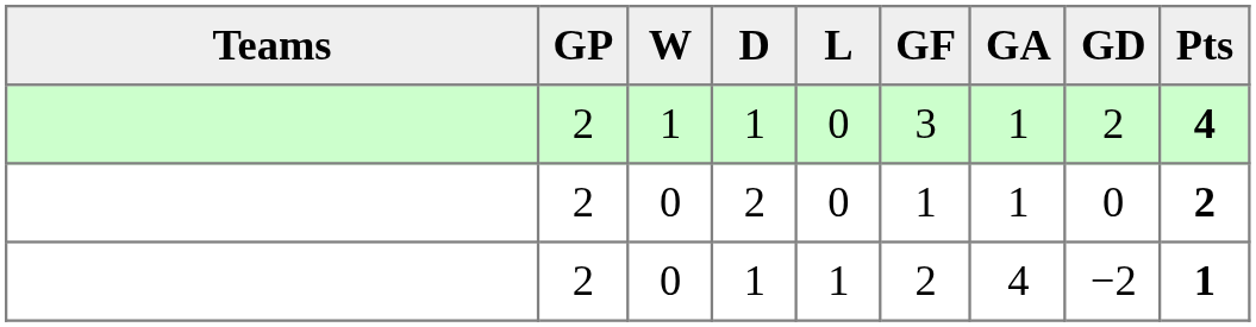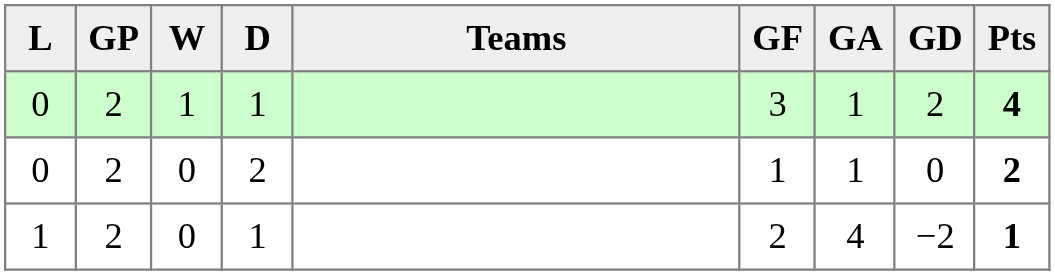 <table style=border-collapse:collapse border=1 cellspacing=0 cellpadding=5>
 <tr align=center bgcolor=#efefef>
-<th width=185>Teams</th>
+<th width=20>L</th>
 <th width=20>GP</th>
 <th width=20>W</th>
 <th width=20>D</th>
-<th width=20>L</th>
+<th width=185>Teams</th>
 <th width=20>GF</th>
 <th width=20>GA</th>
 <th width=20>GD</th>
 <th width=20>Pts</th>
 </tr>
 <tr align=center style="background:#ccffcc;">
-<td style="text-align:left;"></td>
+<td>0</td>
 <td>2</td>
 <td>1</td>
 <td>1</td>
-<td>0</td>
+<td style="text-align:left;"></td>
 <td>3</td>
 <td>1</td>
 <td>2</td>
 <td><strong>4</strong></td>
 </tr>
 <tr align=center>
-<td style="text-align:left;"></td>
+<td>0</td>
 <td>2</td>
 <td>0</td>
 <td>2</td>
-<td>0</td>
+<td style="text-align:left;"></td>
 <td>1</td>
 <td>1</td>
 <td>0</td>
 <td><strong>2</strong></td>
 </tr>
 <tr align=center>
-<td style="text-align:left;"></td>
+<td>1</td>
 <td>2</td>
 <td>0</td>
 <td>1</td>
-<td>1</td>
+<td style="text-align:left;"></td>
 <td>2</td>
 <td>4</td>
 <td>−2</td>
 <td><strong>1</strong></td>
 </tr>
 </table>
